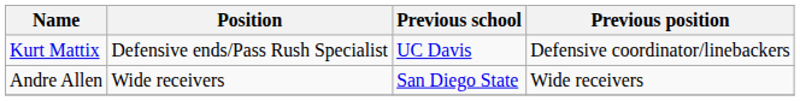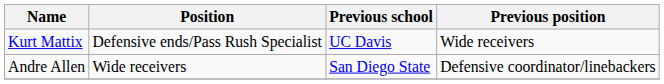 <table class="wikitable">
 <tr>
 <th style="text-align:center;">Name</th>
 <th style="text-align:center;">Position</th>
 <th style="text-align:center;">Previous school</th>
 <th style="text-align:center;">Previous position</th>
 </tr>
 <tr>
 <td><a href='#'>Kurt Mattix</a></td>
 <td>Defensive ends/Pass Rush Specialist</td>
 <td><a href='#'>UC Davis</a></td>
-<td>Defensive coordinator/linebackers</td>
+<td>Wide receivers</td>
 </tr>
 <tr>
 <td>Andre Allen</td>
 <td>Wide receivers</td>
 <td><a href='#'>San Diego State</a></td>
-<td>Wide receivers</td>
+<td>Defensive coordinator/linebackers</td>
 </tr>
 <tr>
 </tr>
 </table>
